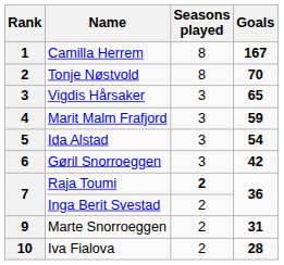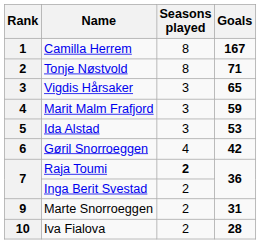 <table class="wikitable" style="text-align: center;">
 <tr>
 <th>Rank</th>
 <th class="unsortable">Name</th>
 <th>Seasons<br>played</th>
 <th>Goals</th>
 </tr>
 <tr>
 <th rowspan="1">1</th>
 <td style="text-align: left;"> <a href='#'>Camilla Herrem</a></td>
 <td>8</td>
 <td><strong>167</strong></td>
 </tr>
 <tr>
 <th rowspan="1">2</th>
 <td style="text-align: left;"> <a href='#'>Tonje Nøstvold</a></td>
 <td>8</td>
-<td><strong>70</strong></td>
+<td><strong>71</strong></td>
 </tr>
 <tr>
 <th rowspan="1">3</th>
 <td style="text-align: left;"> <a href='#'>Vigdis Hårsaker</a></td>
 <td>3</td>
 <td><strong>65</strong></td>
 </tr>
 <tr>
 <th rowspan="1">4</th>
 <td style="text-align: left;"> <a href='#'>Marit Malm Frafjord</a></td>
 <td>3</td>
 <td><strong>59</strong></td>
 </tr>
 <tr>
 <th rowspan="1">5</th>
 <td style="text-align: left;"> <a href='#'>Ida Alstad</a></td>
 <td>3</td>
-<td><strong>54</strong></td>
+<td><strong>53</strong></td>
 </tr>
 <tr>
 <th rowspan="1">6</th>
 <td style="text-align: left;"> <a href='#'>Gøril Snorroeggen</a></td>
-<td>3</td>
+<td>4</td>
 <td><strong>42</strong></td>
 </tr>
 <tr>
 <th rowspan="2">7</th>
 <td style="text-align: left;"> <a href='#'>Raja Toumi</a></td>
 <td><strong>2</strong></td>
 <td rowspan="2"><strong>36</strong></td>
 </tr>
 <tr>
 <td style="text-align: left;"> <a href='#'>Inga Berit Svestad</a></td>
 <td>2</td>
 </tr>
 <tr>
 <th rowspan="1">9</th>
 <td style="text-align: left;"> Marte Snorroeggen</td>
 <td>2</td>
 <td><strong>31</strong></td>
 </tr>
 <tr>
 <th rowspan="1">10</th>
 <td style="text-align: left;"> Iva Fialova</td>
 <td>2</td>
 <td><strong>28</strong></td>
 </tr>
 </table>
